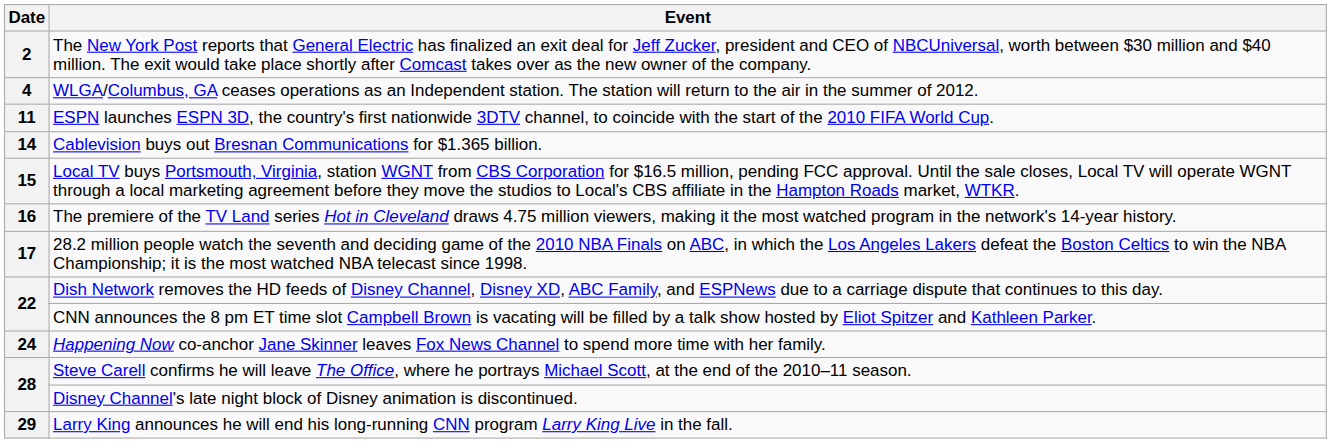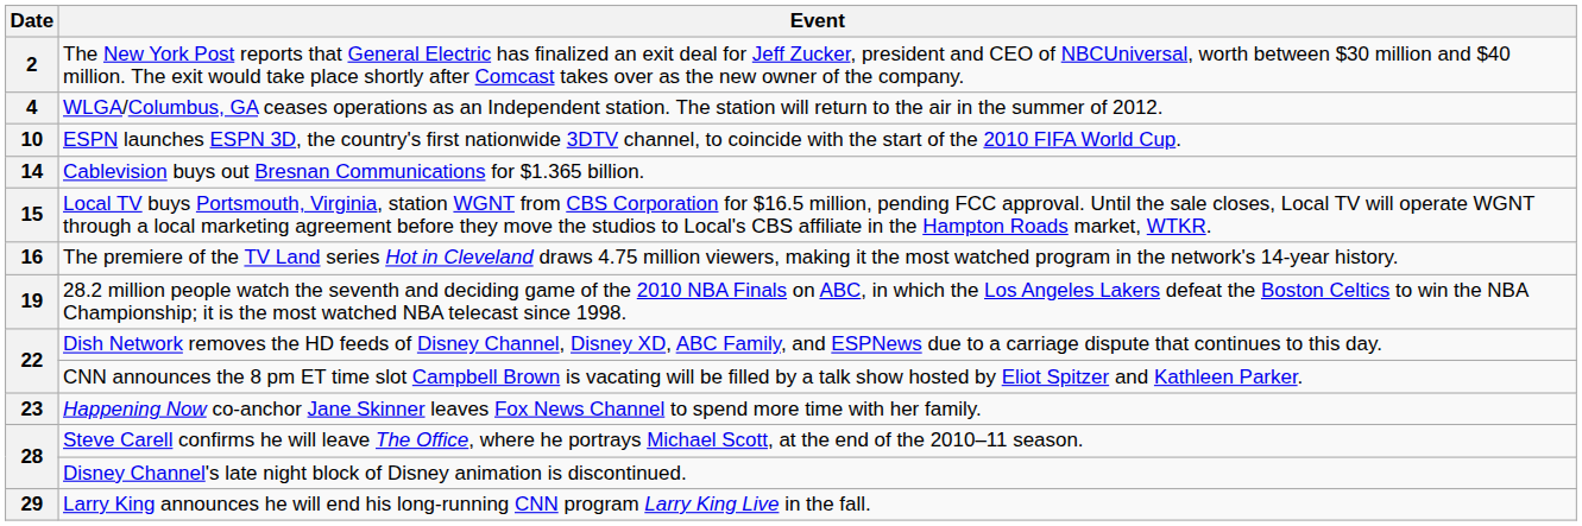 <table class="wikitable">
 <tr>
 <th>Date</th>
 <th>Event</th>
 </tr>
 <tr>
 <th style="text-align:center;"><strong>2</strong></th>
 <td>The <a href='#'>New York Post</a> reports that <a href='#'>General Electric</a> has finalized an exit deal for <a href='#'>Jeff Zucker</a>, president and CEO of <a href='#'>NBCUniversal</a>, worth between $30 million and $40 million. The exit would take place shortly after <a href='#'>Comcast</a> takes over as the new owner of the company.</td>
 </tr>
 <tr>
 <th style="text-align:center;"><strong>4</strong></th>
 <td><a href='#'>WLGA</a>/<a href='#'>Columbus, GA</a> ceases operations as an Independent station. The station will return to the air in the summer of 2012.</td>
 </tr>
 <tr>
-<th style="text-align:center;"><strong>11</strong></th>
+<th style="text-align:center;"><strong>10</strong></th>
 <td><a href='#'>ESPN</a> launches <a href='#'>ESPN 3D</a>, the country's first nationwide <a href='#'>3DTV</a> channel, to coincide with the start of the <a href='#'>2010 FIFA World Cup</a>.</td>
 </tr>
 <tr>
 <th style="text-align:center;"><strong>14</strong></th>
 <td><a href='#'>Cablevision</a> buys out <a href='#'>Bresnan Communications</a> for $1.365 billion.</td>
 </tr>
 <tr>
 <th style="text-align:center;"><strong>15</strong></th>
 <td><a href='#'>Local TV</a> buys <a href='#'>Portsmouth, Virginia</a>, station <a href='#'>WGNT</a>  from <a href='#'>CBS Corporation</a> for $16.5 million, pending FCC approval. Until the sale closes, Local TV will operate WGNT through a local marketing agreement before they move the studios to Local's CBS affiliate in the <a href='#'>Hampton Roads</a> market, <a href='#'>WTKR</a>.</td>
 </tr>
 <tr>
 <th style="text-align:center;"><strong>16</strong></th>
 <td>The premiere of the <a href='#'>TV Land</a> series <em><a href='#'>Hot in Cleveland</a></em> draws 4.75 million viewers, making it the most watched program in the network's 14-year history.</td>
 </tr>
 <tr>
-<th style="text-align:center;"><strong>17</strong></th>
+<th style="text-align:center;"><strong>19</strong></th>
 <td>28.2 million people watch the seventh and deciding game of the <a href='#'>2010 NBA Finals</a> on <a href='#'>ABC</a>, in which the <a href='#'>Los Angeles Lakers</a> defeat the <a href='#'>Boston Celtics</a> to win the NBA Championship; it is the most watched NBA telecast since 1998.</td>
 </tr>
 <tr>
 <th style="text-align:center;" rowspan="2"><strong>22</strong></th>
 <td><a href='#'>Dish Network</a> removes the HD feeds of <a href='#'>Disney Channel</a>, <a href='#'>Disney XD</a>, <a href='#'>ABC Family</a>, and <a href='#'>ESPNews</a> due to a carriage dispute that continues to this day.</td>
 </tr>
 <tr>
 <td>CNN announces the 8 pm ET time slot <a href='#'>Campbell Brown</a> is vacating will be filled by a talk show hosted by <a href='#'>Eliot Spitzer</a> and <a href='#'>Kathleen Parker</a>.</td>
 </tr>
 <tr>
-<th style="text-align:center;"><strong>24</strong></th>
+<th style="text-align:center;"><strong>23</strong></th>
 <td><em><a href='#'>Happening Now</a></em> co-anchor <a href='#'>Jane Skinner</a> leaves <a href='#'>Fox News Channel</a> to spend more time with her family.</td>
 </tr>
 <tr>
 <th style="text-align:center;" rowspan="2"><strong>28</strong></th>
 <td><a href='#'>Steve Carell</a> confirms he will leave <em><a href='#'>The Office</a></em>, where he portrays <a href='#'>Michael Scott</a>, at the end of the 2010–11 season.</td>
 </tr>
 <tr>
 <td><a href='#'>Disney Channel</a>'s late night block of Disney animation is discontinued.</td>
 </tr>
 <tr>
 <th style="text-align:center;"><strong>29</strong></th>
 <td><a href='#'>Larry King</a> announces he will end his long-running <a href='#'>CNN</a> program <em><a href='#'>Larry King Live</a></em> in the fall.</td>
 </tr>
 </table>
